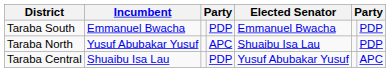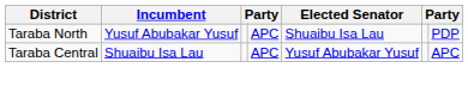 <table class="sortable wikitable" style="font-size:95%;line-height:14px;">
 <tr>
 <th class="unsortable">District</th>
 <th class="unsortable"><a href='#'>Incumbent</a></th>
 <th colspan="2">Party</th>
 <th class="unsortable">Elected Senator</th>
 <th colspan="2">Party</th>
-</tr>
-<tr>
-<td>Taraba South</td>
-<td><a href='#'>Emmanuel Bwacha</a></td>
-<td style="background:"></td>
-<td><a href='#'>PDP</a></td>
-<td><a href='#'>Emmanuel Bwacha</a></td>
-<td style="background:"></td>
-<td><a href='#'>PDP</a></td>
 </tr>
 <tr>
 <td>Taraba North</td>
 <td><a href='#'>Yusuf Abubakar Yusuf</a></td>
 <td style="background:"></td>
 <td><a href='#'>APC</a></td>
 <td><a href='#'>Shuaibu Isa Lau</a></td>
 <td style="background:"></td>
 <td><a href='#'>PDP</a></td>
 </tr>
 <tr>
 <td>Taraba Central</td>
 <td><a href='#'>Shuaibu Isa Lau</a></td>
 <td style="background:"></td>
-<td><a href='#'>PDP</a></td>
+<td><a href='#'>APC</a></td>
 <td><a href='#'>Yusuf Abubakar Yusuf</a></td>
 <td style="background:"></td>
 <td><a href='#'>APC</a></td>
 </tr>
 </table>
